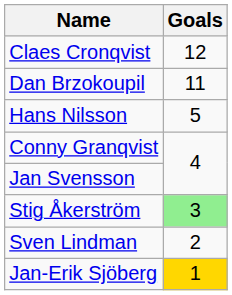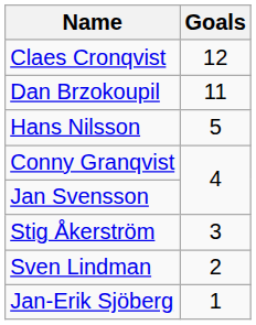 <table class="wikitable">
 <tr>
 <th>Name</th>
 <th>Goals</th>
 </tr>
 <tr>
 <td> <a href='#'>Claes Cronqvist</a></td>
 <td style="text-align:center;">12</td>
 </tr>
 <tr>
 <td> <a href='#'>Dan Brzokoupil</a></td>
 <td style="text-align:center;">11</td>
 </tr>
 <tr>
 <td> <a href='#'>Hans Nilsson</a></td>
 <td style="text-align:center;">5</td>
 </tr>
 <tr>
 <td> <a href='#'>Conny Granqvist</a></td>
 <td rowspan="2" style="text-align:center;">4</td>
 </tr>
 <tr>
 <td> <a href='#'>Jan Svensson</a></td>
 </tr>
 <tr>
 <td> <a href='#'>Stig Åkerström</a></td>
-<td style="background: lightgreen; text-align:center;">3</td>
+<td style="text-align:center;">3</td>
 </tr>
 <tr>
 <td> <a href='#'>Sven Lindman</a></td>
 <td style="text-align:center;">2</td>
 </tr>
 <tr>
 <td> <a href='#'>Jan-Erik Sjöberg</a></td>
-<td style="background: gold; text-align:center;">1</td>
+<td style="text-align:center;">1</td>
 </tr>
 </table>
